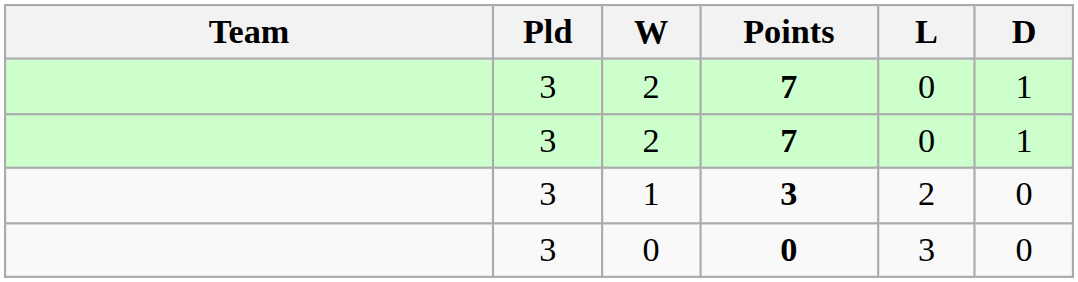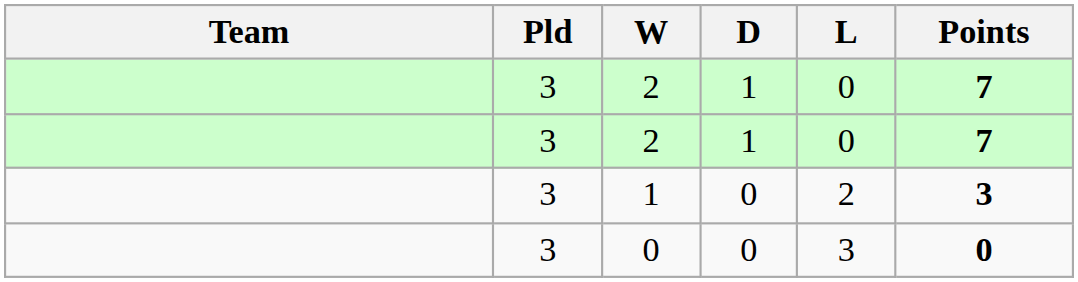 <table class=wikitable style="text-align:center" width=500>
 <tr>
 <th width=25%>Team</th>
 <th width=5%>Pld</th>
 <th width=5%>W</th>
+<th width=5%>D</th>
+<th width=5%>L</th>
 <th width=8%>Points</th>
-<th width=5%>L</th>
-<th width=5%>D</th>
 </tr>
 <tr bgcolor=#ccffcc>
 <td align="left"></td>
 <td>3</td>
 <td>2</td>
+<td>1</td>
+<td>0</td>
 <td><strong>7</strong></td>
-<td>0</td>
-<td>1</td>
 </tr>
 <tr bgcolor=#ccffcc>
 <td align="left"></td>
 <td>3</td>
 <td>2</td>
+<td>1</td>
+<td>0</td>
 <td><strong>7</strong></td>
-<td>0</td>
-<td>1</td>
 </tr>
 <tr>
 <td align="left"></td>
 <td>3</td>
 <td>1</td>
+<td>0</td>
+<td>2</td>
 <td><strong>3</strong></td>
-<td>2</td>
-<td>0</td>
 </tr>
 <tr>
 <td align="left"></td>
 <td>3</td>
 <td>0</td>
+<td>0</td>
+<td>3</td>
 <td><strong>0</strong></td>
-<td>3</td>
-<td>0</td>
 </tr>
 </table>
